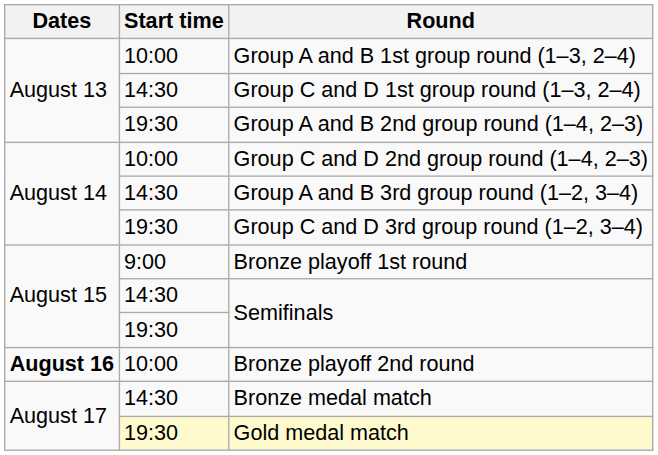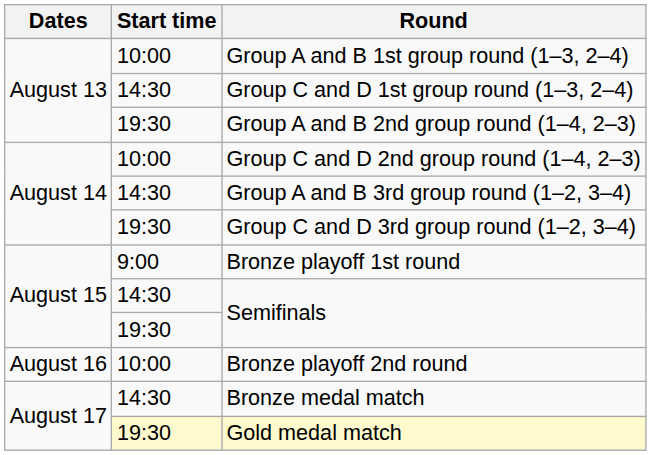 <table class="wikitable">
 <tr>
 <th>Dates</th>
 <th>Start time</th>
 <th>Round</th>
 </tr>
 <tr>
 <td rowspan=3>August 13</td>
 <td>10:00</td>
 <td>Group A and B 1st group round (1–3, 2–4)</td>
 </tr>
 <tr>
 <td>14:30</td>
 <td>Group C and D 1st group round (1–3, 2–4)</td>
 </tr>
 <tr>
 <td>19:30</td>
 <td>Group A and B 2nd group round (1–4, 2–3)</td>
 </tr>
 <tr>
 <td rowspan=3>August 14</td>
 <td>10:00</td>
 <td>Group C and D 2nd group round (1–4, 2–3)</td>
 </tr>
 <tr>
 <td>14:30</td>
 <td>Group A and B 3rd group round (1–2, 3–4)</td>
 </tr>
 <tr>
 <td>19:30</td>
 <td>Group C and D 3rd group round (1–2, 3–4)</td>
 </tr>
 <tr>
 <td rowspan=3>August 15</td>
 <td>9:00</td>
 <td>Bronze playoff 1st round</td>
 </tr>
 <tr>
 <td>14:30</td>
 <td rowspan=2>Semifinals</td>
 </tr>
 <tr>
 <td>19:30</td>
 </tr>
 <tr>
-<td><strong>August 16</strong></td>
+<td>August 16</td>
 <td>10:00</td>
 <td>Bronze playoff 2nd round</td>
 </tr>
 <tr>
 <td rowspan=2>August 17</td>
 <td>14:30</td>
 <td>Bronze medal match</td>
 </tr>
 <tr style=background:lemonchiffon>
 <td>19:30</td>
 <td>Gold medal match</td>
 </tr>
 </table>
